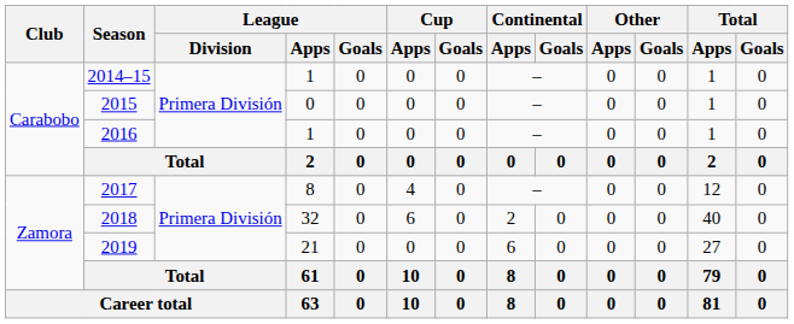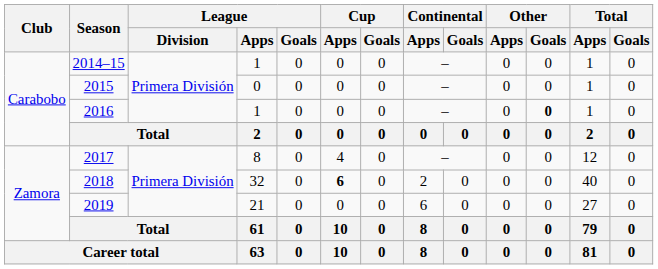 <table class="wikitable" style="text-align: center">
 <tr>
 <th rowspan="2">Club</th>
 <th rowspan="2">Season</th>
 <th colspan="3">League</th>
 <th colspan="2">Cup</th>
 <th colspan="2">Continental</th>
 <th colspan="2">Other</th>
 <th colspan="2">Total</th>
 </tr>
 <tr>
 <th>Division</th>
 <th>Apps</th>
 <th>Goals</th>
 <th>Apps</th>
 <th>Goals</th>
 <th>Apps</th>
 <th>Goals</th>
 <th>Apps</th>
 <th>Goals</th>
 <th>Apps</th>
 <th>Goals</th>
 </tr>
 <tr>
 <td rowspan="4"><a href='#'>Carabobo</a></td>
 <td><a href='#'>2014–15</a></td>
 <td rowspan="3"><a href='#'>Primera División</a></td>
 <td>1</td>
 <td>0</td>
 <td>0</td>
 <td>0</td>
 <td colspan="2">–</td>
 <td>0</td>
 <td>0</td>
 <td>1</td>
 <td>0</td>
 </tr>
 <tr>
 <td><a href='#'>2015</a></td>
 <td>0</td>
 <td>0</td>
 <td>0</td>
 <td>0</td>
 <td colspan="2">–</td>
 <td>0</td>
 <td>0</td>
 <td>1</td>
 <td>0</td>
 </tr>
 <tr>
 <td><a href='#'>2016</a></td>
 <td>1</td>
 <td>0</td>
 <td>0</td>
 <td>0</td>
 <td colspan="2">–</td>
 <td>0</td>
-<td>0</td>
+<td><strong>0</strong></td>
 <td>1</td>
 <td>0</td>
 </tr>
 <tr>
 <th colspan="2"><strong>Total</strong></th>
 <th>2</th>
 <th>0</th>
 <th>0</th>
 <th>0</th>
 <th>0</th>
 <th>0</th>
 <th>0</th>
 <th>0</th>
 <th>2</th>
 <th>0</th>
 </tr>
 <tr>
 <td rowspan="4"><a href='#'>Zamora</a></td>
 <td><a href='#'>2017</a></td>
 <td rowspan="3"><a href='#'>Primera División</a></td>
 <td>8</td>
 <td>0</td>
 <td>4</td>
 <td>0</td>
 <td colspan="2">–</td>
 <td>0</td>
 <td>0</td>
 <td>12</td>
 <td>0</td>
 </tr>
 <tr>
 <td><a href='#'>2018</a></td>
 <td>32</td>
 <td>0</td>
-<td>6</td>
+<td><strong>6</strong></td>
 <td>0</td>
 <td>2</td>
 <td>0</td>
 <td>0</td>
 <td>0</td>
 <td>40</td>
 <td>0</td>
 </tr>
 <tr>
 <td><a href='#'>2019</a></td>
 <td>21</td>
 <td>0</td>
 <td>0</td>
 <td>0</td>
 <td>6</td>
 <td>0</td>
 <td>0</td>
 <td>0</td>
 <td>27</td>
 <td>0</td>
 </tr>
 <tr>
 <th colspan="2"><strong>Total</strong></th>
 <th>61</th>
 <th>0</th>
 <th>10</th>
 <th>0</th>
 <th>8</th>
 <th>0</th>
 <th>0</th>
 <th>0</th>
 <th>79</th>
 <th>0</th>
 </tr>
 <tr>
 <th colspan="3"><strong>Career total</strong></th>
 <th>63</th>
 <th>0</th>
 <th>10</th>
 <th>0</th>
 <th>8</th>
 <th>0</th>
 <th>0</th>
 <th>0</th>
 <th>81</th>
 <th>0</th>
 </tr>
 </table>
